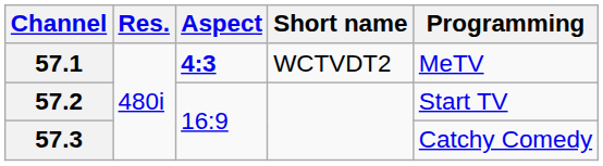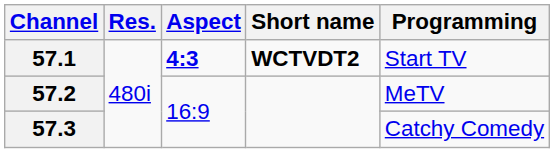 <table class="wikitable">
 <tr>
 <th scope = "col"><a href='#'>Channel</a></th>
 <th scope = "col"><a href='#'>Res.</a></th>
 <th scope = "col"><a href='#'>Aspect</a></th>
 <th scope = "col">Short name</th>
 <th scope = "col">Programming</th>
 </tr>
 <tr>
 <th scope = "row">57.1</th>
 <td rowspan=3><a href='#'>480i</a></td>
 <td><strong><a href='#'>4:3</a></strong></td>
-<td>WCTVDT2</td>
-<td><a href='#'>MeTV</a></td>
+<td><strong>WCTVDT2</strong></td>
+<td><a href='#'>Start TV</a></td>
 </tr>
 <tr>
 <th scope = "row">57.2</th>
 <td rowspan=2><a href='#'>16:9</a></td>
 <td rowspan=2></td>
-<td><a href='#'>Start TV</a></td>
+<td><a href='#'>MeTV</a></td>
 </tr>
 <tr>
 <th scope = "row">57.3</th>
 <td><a href='#'>Catchy Comedy</a></td>
 </tr>
 </table>
